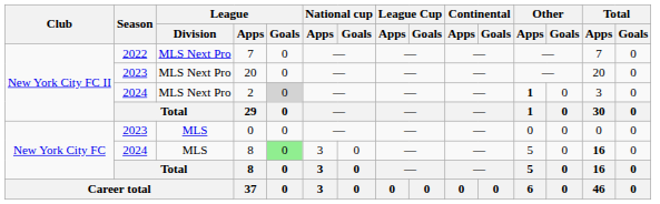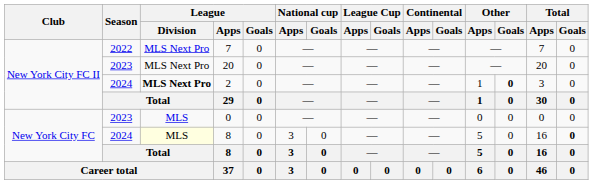 <table class="wikitable" style="text-align: center">
 <tr>
 <th rowspan="2">Club</th>
 <th rowspan="2">Season</th>
 <th colspan="3">League</th>
 <th colspan="2">National cup</th>
 <th colspan="2">League Cup</th>
 <th colspan="2">Continental</th>
 <th colspan="2">Other</th>
 <th colspan="2">Total</th>
 </tr>
 <tr>
 <th>Division</th>
 <th>Apps</th>
 <th>Goals</th>
 <th>Apps</th>
 <th>Goals</th>
 <th>Apps</th>
 <th>Goals</th>
 <th>Apps</th>
 <th>Goals</th>
 <th>Apps</th>
 <th>Goals</th>
 <th>Apps</th>
 <th>Goals</th>
 </tr>
 <tr>
 <td rowspan="4"><a href='#'>New York City FC II</a></td>
 <td><a href='#'>2022</a></td>
 <td><a href='#'>MLS Next Pro</a></td>
 <td>7</td>
 <td>0</td>
 <td colspan="2">—</td>
 <td colspan="2">—</td>
 <td colspan="2">—</td>
 <td colspan="2">—</td>
 <td>7</td>
 <td>0</td>
 </tr>
 <tr>
 <td><a href='#'>2023</a></td>
 <td>MLS Next Pro</td>
 <td>20</td>
 <td>0</td>
 <td colspan="2">—</td>
 <td colspan="2">—</td>
 <td colspan="2">—</td>
 <td colspan="2">—</td>
 <td>20</td>
 <td>0</td>
 </tr>
 <tr>
 <td><a href='#'>2024</a></td>
-<td>MLS Next Pro</td>
+<td><strong>MLS Next Pro</strong></td>
 <td>2</td>
-<td style="background: lightgrey;">0</td>
+<td>0</td>
 <td colspan="2">—</td>
 <td colspan="2">—</td>
 <td colspan="2">—</td>
-<td><strong>1</strong></td>
-<td>0</td>
+<td>1</td>
+<td><strong>0</strong></td>
 <td>3</td>
 <td>0</td>
 </tr>
 <tr>
 <th colspan="2">Total</th>
 <th>29</th>
 <th>0</th>
 <th colspan="2">—</th>
 <th colspan="2">—</th>
 <th colspan="2">—</th>
 <th>1</th>
 <th>0</th>
 <th>30</th>
 <th>0</th>
 </tr>
 <tr>
 <td rowspan="3"><a href='#'>New York City FC</a></td>
 <td><a href='#'>2023</a></td>
 <td><a href='#'>MLS</a></td>
 <td>0</td>
 <td>0</td>
 <td colspan="2">—</td>
 <td colspan="2">—</td>
 <td colspan="2">—</td>
 <td>0</td>
 <td>0</td>
 <td>0</td>
 <td>0</td>
 </tr>
 <tr>
 <td><a href='#'>2024</a></td>
-<td>MLS</td>
+<td style="background: lightyellow;">MLS</td>
 <td>8</td>
-<td style="background: lightgreen;">0</td>
+<td>0</td>
 <td>3</td>
 <td>0</td>
 <td colspan="2">—</td>
 <td colspan="2">—</td>
 <td>5</td>
 <td>0</td>
-<td><strong>16</strong></td>
-<td>0</td>
+<td>16</td>
+<td><strong>0</strong></td>
 </tr>
 <tr>
 <th colspan="2">Total</th>
 <th>8</th>
 <th>0</th>
 <th>3</th>
 <th>0</th>
 <th colspan="2">—</th>
 <th colspan="2">—</th>
 <th>5</th>
 <th>0</th>
 <th>16</th>
 <th>0</th>
 </tr>
 <tr>
 <th colspan="3">Career total</th>
 <th>37</th>
 <th>0</th>
 <th>3</th>
 <th>0</th>
 <th>0</th>
 <th>0</th>
 <th>0</th>
 <th>0</th>
 <th>6</th>
 <th>0</th>
 <th>46</th>
 <th>0</th>
 </tr>
 </table>
